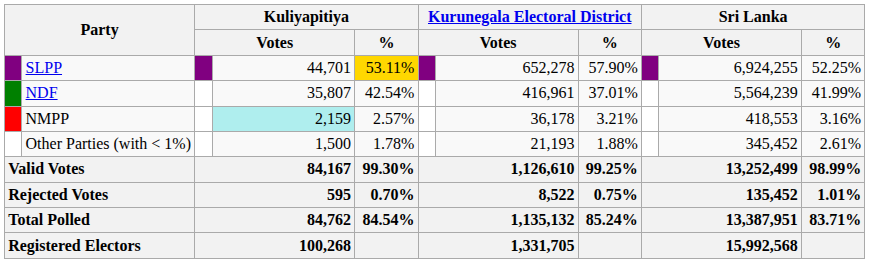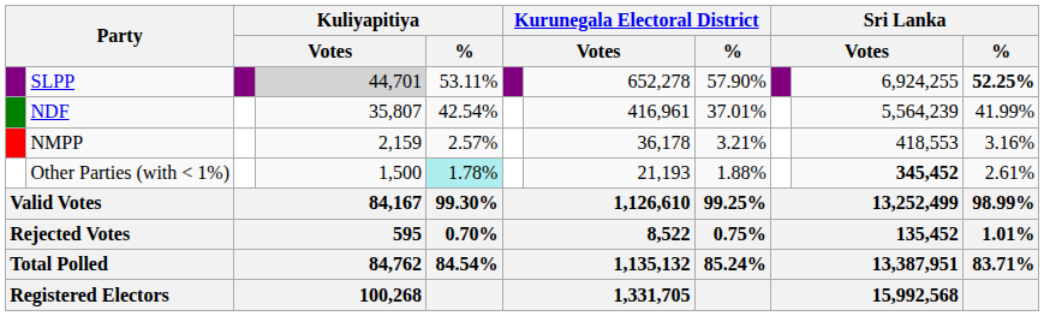 <table class="wikitable">
 <tr>
 <th colspan="2" width="144px"rowspan="2">Party</th>
 <th colspan="3" width="216px">Kuliyapitiya</th>
 <th colspan="3" width="216px"><a href='#'>Kurunegala Electoral District</a></th>
 <th colspan="3" width="216px">Sri Lanka</th>
 </tr>
 <tr>
 <th colspan="2" width="144px">Votes</th>
 <th>%</th>
 <th colspan="2" width="144px">Votes</th>
 <th>%</th>
 <th colspan="2" width="144px">Votes</th>
 <th>%</th>
 </tr>
 <tr>
 <td style="background-color:purple;" width="10px"></td>
 <td style="text-align:left;"><a href='#'>SLPP</a></td>
 <td style="background-color:purple;" width="10px"></td>
-<td style="text-align:right;">44,701</td>
-<td style="background: gold; text-align:right;">53.11%</td>
+<td style="background: lightgrey; text-align:right;">44,701</td>
+<td style="text-align:right;">53.11%</td>
 <td style="background-color:purple;" width="10px"></td>
 <td style="text-align:right;">652,278</td>
 <td style="text-align:right;">57.90%</td>
 <td style="background-color:purple;" width="10px"></td>
 <td style="text-align:right;">6,924,255</td>
-<td style="text-align:right;">52.25%</td>
+<td style="text-align:right;"><strong>52.25%</strong></td>
 </tr>
 <tr>
 <td style="background-color:green;" width="10px"></td>
 <td style="text-align:left;"><a href='#'>NDF</a></td>
 <td style="background-color:white;" width="10px"></td>
 <td style="text-align:right;">35,807</td>
 <td style="text-align:right;">42.54%</td>
 <td style="background-color:white;" width="10px"></td>
 <td style="text-align:right;">416,961</td>
 <td style="text-align:right;">37.01%</td>
 <td style="background-color:white;" width="10px"></td>
 <td style="text-align:right;">5,564,239</td>
 <td style="text-align:right;">41.99%</td>
 </tr>
 <tr>
 <td style="background-color:red;" width="10px"></td>
 <td style="text-align:left;">NMPP</td>
 <td style="background-color:white;" width="10px"></td>
-<td style="background: paleturquoise; text-align:right;">2,159</td>
+<td style="text-align:right;">2,159</td>
 <td style="text-align:right;">2.57%</td>
 <td style="background-color:white;" width="10px"></td>
 <td style="text-align:right;">36,178</td>
 <td style="text-align:right;">3.21%</td>
 <td style="background-color:white;" width="10px"></td>
 <td style="text-align:right;">418,553</td>
 <td style="text-align:right;">3.16%</td>
 </tr>
 <tr>
 <td style="background-color:white;" width="10px"></td>
 <td style="text-align:left;">Other Parties (with < 1%)</td>
 <td style="background-color:white;" width="10px"></td>
 <td style="text-align:right;">1,500</td>
-<td style="text-align:right;">1.78%</td>
+<td style="background: paleturquoise; text-align:right;">1.78%</td>
 <td style="background-color:white;" width="10px"></td>
 <td style="text-align:right;">21,193</td>
 <td style="text-align:right;">1.88%</td>
 <td style="background-color:white;" width="10px"></td>
-<td style="text-align:right;">345,452</td>
+<td style="text-align:right;"><strong>345,452</strong></td>
 <td style="text-align:right;">2.61%</td>
 </tr>
 <tr>
 <th colspan="2" width="144px"style="text-align:left;">Valid Votes</th>
 <th style="text-align:right;"colspan="2" width="144px">84,167</th>
 <th style="text-align:right;">99.30%</th>
 <th style="text-align:right;"colspan="2" width="144px">1,126,610</th>
 <th style="text-align:right;">99.25%</th>
 <th style="text-align:right;"colspan="2" width="144px">13,252,499</th>
 <th style="text-align:right;">98.99%</th>
 </tr>
 <tr>
 <th colspan="2" width="144px"style="text-align:left;">Rejected Votes</th>
 <th style="text-align:right;"colspan="2" width="144px">595</th>
 <th style="text-align:right;">0.70%</th>
 <th style="text-align:right;"colspan="2" width="144px">8,522</th>
 <th style="text-align:right;">0.75%</th>
 <th style="text-align:right;"colspan="2" width="144px">135,452</th>
 <th style="text-align:right;">1.01%</th>
 </tr>
 <tr>
 <th colspan="2" width="144px"style="text-align:left;">Total Polled</th>
 <th style="text-align:right;"colspan="2" width="144px">84,762</th>
 <th style="text-align:right;">84.54%</th>
 <th style="text-align:right;"colspan="2" width="144px">1,135,132</th>
 <th style="text-align:right;">85.24%</th>
 <th style="text-align:right;"colspan="2" width="144px">13,387,951</th>
 <th style="text-align:right;">83.71%</th>
 </tr>
 <tr>
 <th colspan="2" width="144px"style="text-align:left;">Registered Electors</th>
 <th style="text-align:right;"colspan="2" width="144px">100,268</th>
 <th></th>
 <th style="text-align:right;"colspan="2" width="144px">1,331,705</th>
 <th></th>
 <th style="text-align:right;"colspan="2" width="144px">15,992,568</th>
 <th></th>
 </tr>
 </table>
